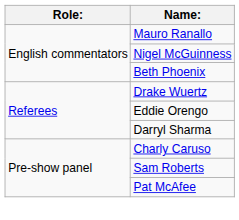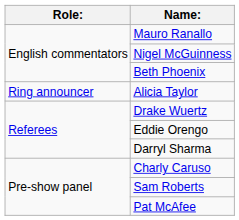 <table class=wikitable style="font-size:90%; margin: 0.5em 0 0.5em 1em; float: right; clear: right;">
 <tr>
 <th>Role:</th>
 <th>Name:</th>
 </tr>
 <tr>
 <td rowspan=3>English commentators</td>
 <td><a href='#'>Mauro Ranallo</a></td>
 </tr>
 <tr>
 <td><a href='#'>Nigel McGuinness</a></td>
 </tr>
 <tr>
 <td><a href='#'>Beth Phoenix</a></td>
+</tr>
+<tr>
+<td rowspan=1><a href='#'>Ring announcer</a></td>
+<td><a href='#'>Alicia Taylor</a></td>
 </tr>
 <tr>
 <td rowspan=3><a href='#'>Referees</a></td>
 <td><a href='#'>Drake Wuertz</a></td>
 </tr>
 <tr>
 <td>Eddie Orengo</td>
 </tr>
 <tr>
 <td>Darryl Sharma</td>
 </tr>
 <tr>
 <td rowspan=3>Pre-show panel</td>
 <td><a href='#'>Charly Caruso</a></td>
 </tr>
 <tr>
 <td><a href='#'>Sam Roberts</a></td>
 </tr>
 <tr>
 <td><a href='#'>Pat McAfee</a></td>
 </tr>
 </table>
